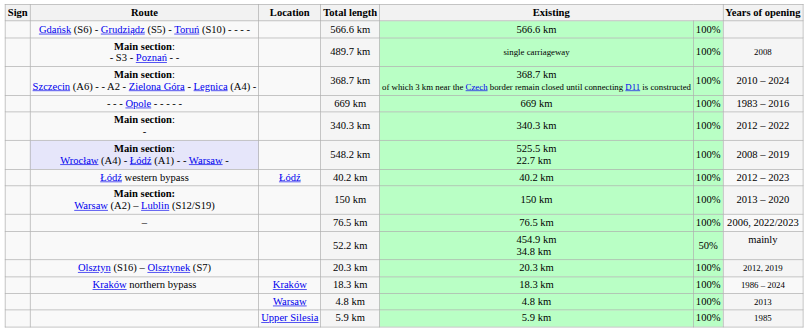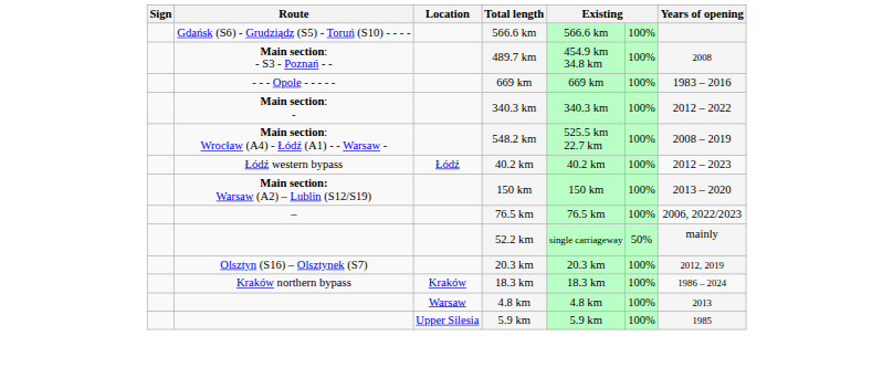 <table class="wikitable" style="margin:auto; align:center; text-align:center;">
 <tr>
 <th>Sign</th>
 <th>Route</th>
 <th>Location</th>
 <th>Total length</th>
 <th colspan="2">Existing</th>
 <th>Years of opening</th>
 </tr>
 <tr>
 <td></td>
 <td><a href='#'>Gdańsk</a> (S6) - <a href='#'>Grudziądz</a> (S5) - <a href='#'>Toruń</a> (S10) -  -  -  - </td>
 <td></td>
 <td bgcolor="#F5F5F5">566.6 km</td>
 <td bgcolor="#B9FFC5">566.6 km</td>
 <td bgcolor="#B9FFC5">100%</td>
 <td bgcolor="#F5F5F5"><br></td>
 </tr>
 <tr>
 <td><br></td>
 <td><strong>Main section</strong>:<br> - S3 - <a href='#'>Poznań</a>  -  - </td>
 <td></td>
 <td bgcolor="#F5F5F5">489.7 km</td>
-<td bgcolor="#B9FFC5"> <small>single carriageway</small></td>
+<td bgcolor="#B9FFC5"> 454.9 km<br> 34.8 km  </td>
 <td bgcolor="#B9FFC5">100%</td>
 <td bgcolor="#F5F5F5"><small>2008</small></td>
-</tr>
-<tr>
-<td></td>
-<td><strong>Main section</strong>:<br><a href='#'>Szczecin</a> (A6) -  - A2 - <a href='#'>Zielona Góra</a> - <a href='#'>Legnica</a> (A4) - </td>
-<td></td>
-<td bgcolor="#F5F5F5">368.7 km</td>
-<td bgcolor="#B9FFC5">368.7 km<br><small>of which 3 km near the <a href='#'>Czech</a> border remain closed until connecting <a href='#'>D11</a> is constructed</small></td>
-<td bgcolor="#B9FFC5">100%</td>
-<td bgcolor="#F5F5F5">2010 – 2024<br></td>
 </tr>
 <tr>
 <td></td>
 <td> -  -  - <a href='#'>Opole</a> -  -  -  -  - </td>
 <td></td>
 <td bgcolor="#F5F5F5">669 km</td>
 <td bgcolor="#B9FFC5">669 km<br><small> </small></td>
 <td bgcolor="#B9FFC5">100%</td>
 <td bgcolor="#F5F5F5">1983 – 2016</td>
 </tr>
 <tr>
 <td></td>
 <td><strong>Main section</strong>:<br> - </td>
 <td></td>
 <td bgcolor="#F5F5F5">340.3 km</td>
 <td bgcolor="#B9FFC5">340.3 km</td>
 <td bgcolor="#B9FFC5">100%</td>
 <td bgcolor="#F5F5F5">2012 – 2022<br></td>
 </tr>
 <tr>
 <td><br></td>
-<td style="background: lavender;"><strong>Main section</strong>:<br><a href='#'>Wrocław</a> (A4) - <a href='#'>Łódź</a> (A1) -  - <a href='#'>Warsaw</a>  - </td>
+<td><strong>Main section</strong>:<br><a href='#'>Wrocław</a> (A4) - <a href='#'>Łódź</a> (A1) -  - <a href='#'>Warsaw</a>  - </td>
 <td></td>
 <td bgcolor="#F5F5F5">548.2 km</td>
 <td bgcolor="#B9FFC5"> 525.5 km<br> 22.7 km  </td>
 <td bgcolor="#B9FFC5">100%</td>
 <td bgcolor="#F5F5F5">2008 – 2019<br></td>
 </tr>
 <tr>
 <td></td>
 <td><a href='#'>Łódź</a> western bypass </td>
 <td><a href='#'>Łódź</a></td>
 <td bgcolor="#F5F5F5">40.2 km</td>
 <td bgcolor="#B9FFC5">40.2 km<br><small> </small></td>
 <td bgcolor="#B9FFC5">100%</td>
 <td>2012 – 2023</td>
 </tr>
 <tr>
 <td></td>
 <td><strong>Main section:</strong><br><a href='#'>Warsaw</a> (A2) – <a href='#'>Lublin</a> (S12/S19)</td>
 <td></td>
 <td bgcolor="#F5F5F5">150 km</td>
 <td bgcolor="#B9FFC5">150 km</td>
 <td bgcolor="#B9FFC5">100%</td>
 <td bgcolor="#F5F5F5">2013 – 2020<br></td>
 </tr>
 <tr>
 <td></td>
 <td> – </td>
 <td></td>
 <td bgcolor="#F5F5F5">76.5 km</td>
 <td bgcolor="#B9FFC5">76.5 km<br><small> </small></td>
 <td bgcolor="#B9FFC5">100%</td>
 <td>2006, 2022/2023<br></td>
 </tr>
 <tr>
 <td></td>
 <td></td>
 <td></td>
 <td bgcolor="#F5F5F5">52.2 km</td>
-<td bgcolor="#B9FFC5"> 454.9 km<br> 34.8 km  </td>
+<td bgcolor="#B9FFC5"> <small>single carriageway</small></td>
 <td bgcolor="#B9FFC5">50%</td>
 <td bgcolor="#F5F5F5">mainly<br><br></td>
 </tr>
 <tr>
 <td></td>
 <td><a href='#'>Olsztyn</a> (S16) – <a href='#'>Olsztynek</a> (S7)</td>
 <td></td>
 <td bgcolor="#F5F5F5">20.3 km</td>
 <td bgcolor="#B9FFC5">20.3 km</td>
 <td bgcolor="#B9FFC5">100%</td>
 <td bgcolor="#F5F5F5"><small>2012, 2019</small></td>
 </tr>
 <tr>
 <td></td>
 <td><a href='#'>Kraków</a> northern bypass </td>
 <td><a href='#'>Kraków</a></td>
 <td bgcolor="#F5F5F5">18.3 km</td>
 <td bgcolor="#B9FFC5">18.3 km</td>
 <td bgcolor="#B9FFC5">100%</td>
 <td><small>1986 – 2024</small></td>
 </tr>
 <tr>
 <td></td>
 <td></td>
 <td><a href='#'>Warsaw</a></td>
 <td bgcolor="#F5F5F5">4.8 km</td>
 <td bgcolor="#B9FFC5">4.8 km</td>
 <td bgcolor="#B9FFC5">100%</td>
 <td bgcolor="#F5F5F5"><small>2013</small></td>
 </tr>
 <tr>
 <td></td>
 <td></td>
 <td><a href='#'>Upper Silesia</a></td>
 <td bgcolor="#F5F5F5">5.9 km</td>
 <td bgcolor="#B9FFC5">5.9 km</td>
 <td bgcolor="#B9FFC5">100%</td>
 <td bgcolor="#F5F5F5"><small>1985</small></td>
 </tr>
 </table>
